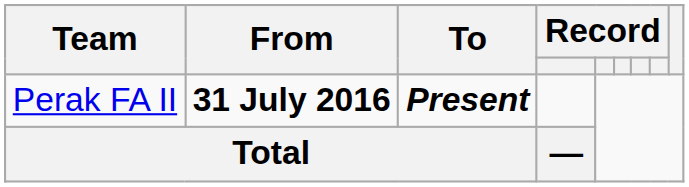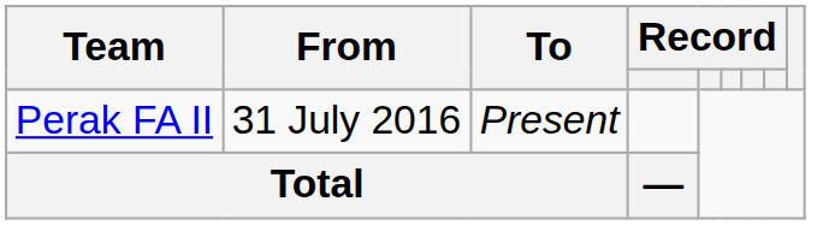 <table class=wikitable style="text-align:center">
 <tr>
 <th rowspan=2>Team</th>
 <th rowspan=2>From</th>
 <th rowspan=2>To</th>
 <th colspan=5>Record</th>
 <th rowspan=2></th>
 </tr>
 <tr>
 <th></th>
 <th></th>
 <th></th>
 <th></th>
 <th></th>
 </tr>
 <tr>
 <td align=left><a href='#'>Perak FA II</a></td>
-<td align=left><strong>31 July 2016</strong></td>
-<td align=left><strong><em>Present</em><br></strong></td>
+<td align=left>31 July 2016</td>
+<td align=left><em>Present</em><br></td>
 <td></td>
 </tr>
 <tr>
 <th colspan=3>Total<br></th>
 <th>—</th>
 </tr>
 </table>
